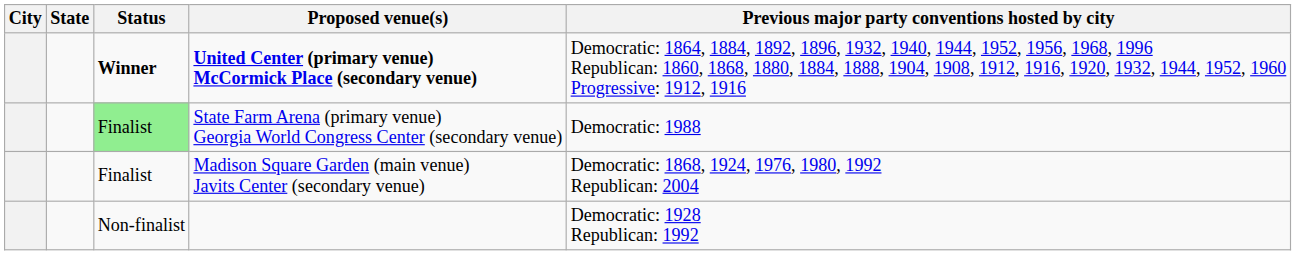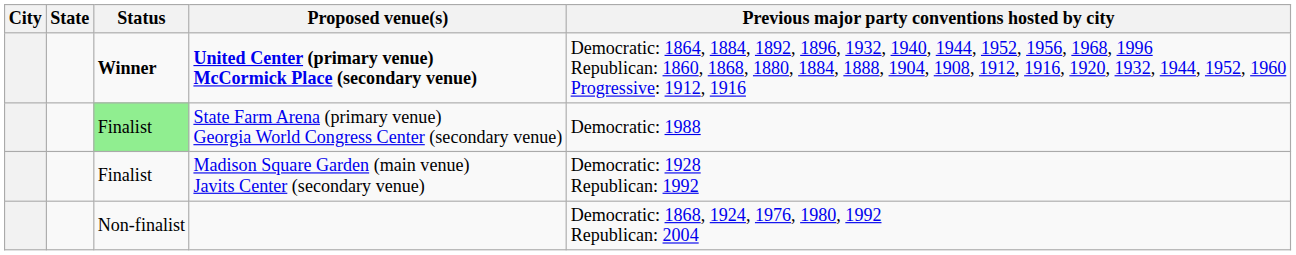 <table class="wikitable sortable plainrowheaders">
 <tr>
 <th scope="col">City</th>
 <th scope="col">State</th>
 <th scope="col">Status</th>
 <th scope="col">Proposed venue(s)</th>
 <th scope="col">Previous major party conventions hosted by city</th>
 </tr>
 <tr>
 <th scope="row"><strong></strong></th>
 <td><strong></strong></td>
 <td><strong>Winner</strong></td>
 <td><strong><a href='#'>United Center</a> (primary venue)<br><a href='#'>McCormick Place</a> (secondary venue)</strong></td>
 <td>Democratic: <a href='#'>1864</a>, <a href='#'>1884</a>, <a href='#'>1892</a>, <a href='#'>1896</a>, <a href='#'>1932</a>, <a href='#'>1940</a>, <a href='#'>1944</a>, <a href='#'>1952</a>, <a href='#'>1956</a>, <a href='#'>1968</a>, <a href='#'>1996</a><br>Republican: <a href='#'>1860</a>, <a href='#'>1868</a>, <a href='#'>1880</a>, <a href='#'>1884</a>, <a href='#'>1888</a>, <a href='#'>1904</a>, <a href='#'>1908</a>, <a href='#'>1912</a>, <a href='#'>1916</a>, <a href='#'>1920</a>, <a href='#'>1932</a>, <a href='#'>1944</a>, <a href='#'>1952</a>, <a href='#'>1960</a><br><a href='#'>Progressive</a>: <a href='#'>1912</a>, <a href='#'>1916</a></td>
 </tr>
 <tr>
 <th scope="row"></th>
 <td></td>
 <td style="background: lightgreen;">Finalist</td>
 <td><a href='#'>State Farm Arena</a> (primary venue)<br><a href='#'>Georgia World Congress Center</a> (secondary venue)</td>
 <td>Democratic: <a href='#'>1988</a></td>
 </tr>
 <tr>
 <th scope="row"></th>
 <td></td>
 <td>Finalist</td>
 <td><a href='#'>Madison Square Garden</a> (main venue)<br><a href='#'>Javits Center</a> (secondary venue)</td>
-<td>Democratic: <a href='#'>1868</a>, <a href='#'>1924</a>, <a href='#'>1976</a>, <a href='#'>1980</a>, <a href='#'>1992</a><br>Republican: <a href='#'>2004</a></td>
+<td>Democratic: <a href='#'>1928</a><br>Republican: <a href='#'>1992</a></td>
 </tr>
 <tr>
 <th scope="row"></th>
 <td></td>
 <td>Non-finalist</td>
 <td></td>
-<td>Democratic: <a href='#'>1928</a><br>Republican: <a href='#'>1992</a></td>
+<td>Democratic: <a href='#'>1868</a>, <a href='#'>1924</a>, <a href='#'>1976</a>, <a href='#'>1980</a>, <a href='#'>1992</a><br>Republican: <a href='#'>2004</a></td>
 </tr>
 </table>
